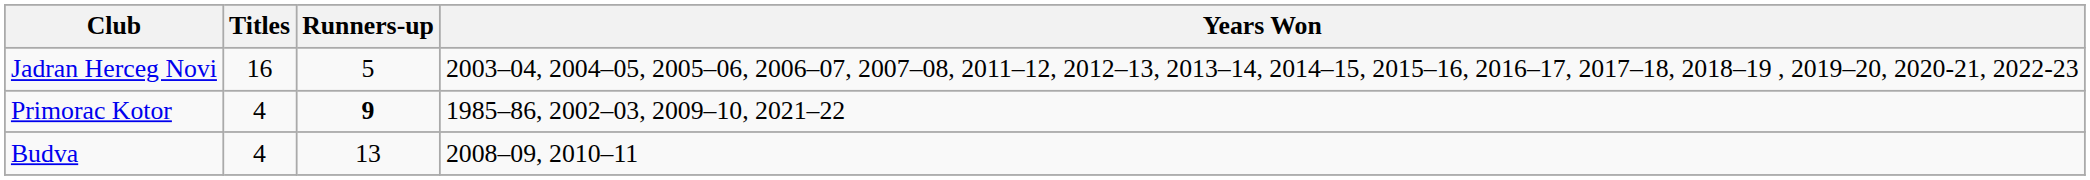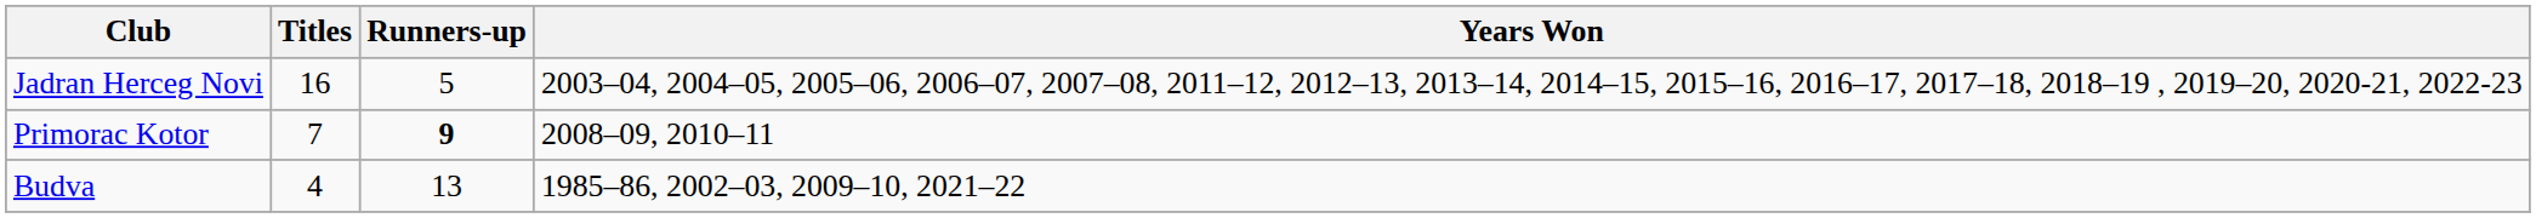 <table class="wikitable" style="font-size:90%">
 <tr>
 <th>Club</th>
 <th>Titles</th>
 <th>Runners-up</th>
 <th>Years Won</th>
 </tr>
 <tr>
 <td><a href='#'>Jadran Herceg Novi</a></td>
 <td align="center">16</td>
 <td align="center">5</td>
 <td>2003–04, 2004–05, 2005–06, 2006–07, 2007–08, 2011–12, 2012–13, 2013–14, 2014–15, 2015–16, 2016–17, 2017–18, 2018–19 , 2019–20, 2020-21, 2022-23</td>
 </tr>
 <tr>
 <td><a href='#'>Primorac Kotor</a></td>
-<td align="center">4</td>
+<td align="center">7</td>
 <td align="center"><strong>9</strong></td>
-<td>1985–86, 2002–03, 2009–10, 2021–22</td>
+<td>2008–09, 2010–11</td>
 </tr>
 <tr>
 <td><a href='#'>Budva</a></td>
 <td align="center">4</td>
 <td align="center">13</td>
-<td>2008–09, 2010–11</td>
+<td>1985–86, 2002–03, 2009–10, 2021–22</td>
 </tr>
 </table>
